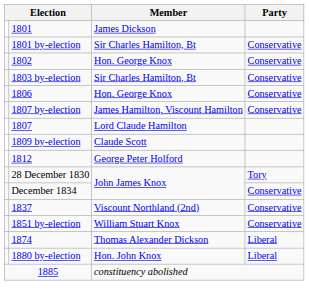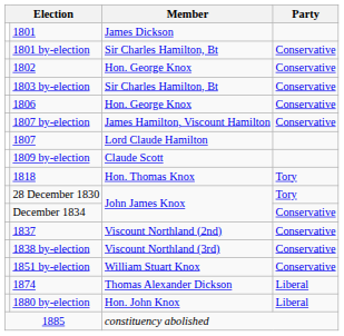 <table class="wikitable">
 <tr>
 <th colspan="2">Election</th>
 <th>Member</th>
 <th>Party</th>
 </tr>
 <tr>
 <td style="color:inherit;background-color: white"></td>
 <td><a href='#'>1801</a></td>
 <td><a href='#'>James Dickson</a> </td>
 <td></td>
 </tr>
 <tr>
 <td style="color:inherit;background-color: "></td>
 <td><a href='#'>1801 by-election</a></td>
 <td><a href='#'>Sir Charles Hamilton, Bt</a> </td>
 <td><a href='#'>Conservative</a></td>
 </tr>
 <tr>
 <td style="color:inherit;background-color: "></td>
 <td><a href='#'>1802</a></td>
 <td><a href='#'>Hon. George Knox</a> </td>
 <td><a href='#'>Conservative</a></td>
 </tr>
 <tr>
 <td style="color:inherit;background-color: "></td>
 <td><a href='#'>1803 by-election</a></td>
 <td><a href='#'>Sir Charles Hamilton, Bt</a> </td>
 <td><a href='#'>Conservative</a></td>
 </tr>
 <tr>
 <td style="color:inherit;background-color: "></td>
 <td><a href='#'>1806</a></td>
 <td><a href='#'>Hon. George Knox</a> </td>
 <td><a href='#'>Conservative</a></td>
 </tr>
 <tr>
 <td style="color:inherit;background-color: "></td>
 <td><a href='#'>1807 by-election</a></td>
 <td><a href='#'>James Hamilton, Viscount Hamilton</a></td>
 <td><a href='#'>Conservative</a></td>
 </tr>
 <tr>
 <td style="color:inherit;background-color: white"></td>
 <td><a href='#'>1807</a></td>
 <td><a href='#'>Lord Claude Hamilton</a></td>
 <td></td>
 </tr>
 <tr>
 <td style="color:inherit;background-color: white"></td>
 <td><a href='#'>1809 by-election</a></td>
 <td><a href='#'>Claude Scott</a> </td>
 <td></td>
 </tr>
 <tr>
-<td style="color:inherit;background-color: white"></td>
-<td><a href='#'>1812</a></td>
-<td><a href='#'>George Peter Holford</a> </td>
-<td></td>
+<td style="color:inherit;background-color: "></td>
+<td><a href='#'>1818</a></td>
+<td><a href='#'>Hon. Thomas Knox</a> </td>
+<td><a href='#'>Tory</a></td>
 </tr>
 <tr>
 <td style="color:inherit;background-color: "></td>
 <td>28 December 1830</td>
 <td rowspan="2"><a href='#'>John James Knox</a> </td>
 <td><a href='#'>Tory</a></td>
 </tr>
 <tr>
 <td style="color:inherit;background-color: "></td>
 <td>December 1834</td>
 <td><a href='#'>Conservative</a></td>
 </tr>
 <tr>
 <td style="color:inherit;background-color: "></td>
 <td><a href='#'>1837</a></td>
 <td><a href='#'>Viscount Northland (2nd)</a></td>
+<td><a href='#'>Conservative</a></td>
+</tr>
+<tr>
+<td style="color:inherit;background-color: "></td>
+<td><a href='#'>1838 by-election</a></td>
+<td><a href='#'>Viscount Northland (3rd)</a></td>
 <td><a href='#'>Conservative</a></td>
 </tr>
 <tr>
 <td style="color:inherit;background-color: "></td>
 <td><a href='#'>1851 by-election</a></td>
 <td><a href='#'>William Stuart Knox</a> </td>
 <td><a href='#'>Conservative</a></td>
 </tr>
 <tr>
 <td style="color:inherit;background-color: "></td>
 <td><a href='#'>1874</a></td>
 <td><a href='#'>Thomas Alexander Dickson</a></td>
 <td><a href='#'>Liberal</a></td>
 </tr>
 <tr>
 <td style="color:inherit;background-color: "></td>
 <td><a href='#'>1880 by-election</a> </td>
 <td><a href='#'>Hon. John Knox</a></td>
 <td><a href='#'>Liberal</a></td>
 </tr>
 <tr>
 <td colspan="2" align="center"><a href='#'>1885</a></td>
 <td colspan="2"><em>constituency abolished</em></td>
 </tr>
 </table>
